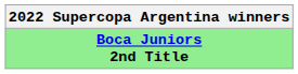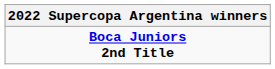 <table class="wikitable" style="text-align: center; margin: 0 auto;">
 <tr>
 <th>2022 Supercopa Argentina winners</th>
 </tr>
 <tr>
-<td style="background: lightgreen;"><strong><a href='#'>Boca Juniors</a></strong><br><strong> 2nd Title</strong></td>
+<td><strong><a href='#'>Boca Juniors</a></strong><br><strong> 2nd Title</strong></td>
 </tr>
 </table>
